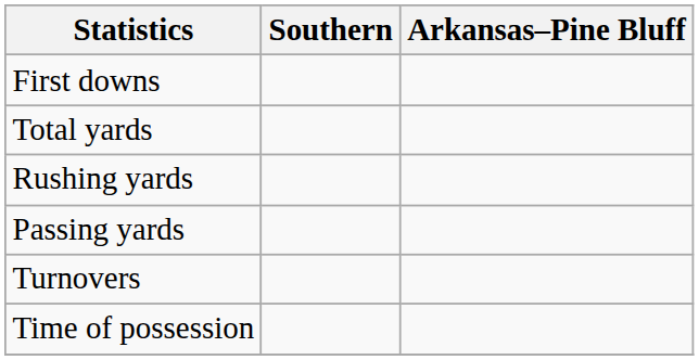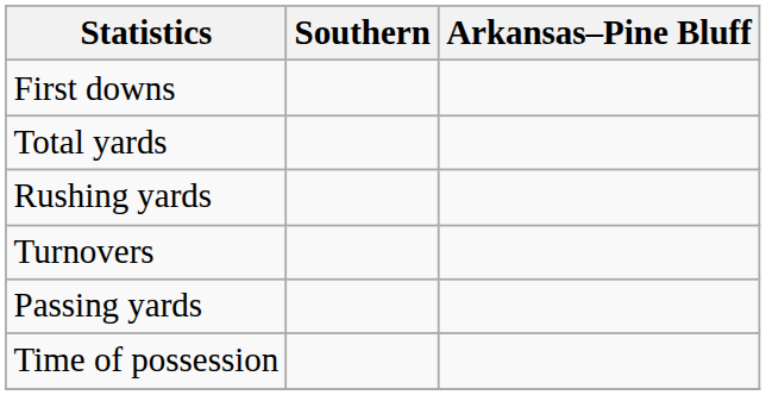 <table class="wikitable">
 <tr>
 <th>Statistics</th>
 <th>Southern</th>
 <th>Arkansas–Pine Bluff</th>
 </tr>
 <tr>
 <td>First downs</td>
 <td> </td>
 <td> </td>
 </tr>
 <tr>
 <td>Total yards</td>
 <td> </td>
 <td> </td>
 </tr>
 <tr>
 <td>Rushing yards</td>
 <td> </td>
 <td> </td>
 </tr>
 <tr>
-<td>Passing yards</td>
+<td>Turnovers</td>
 <td> </td>
 <td> </td>
 </tr>
 <tr>
-<td>Turnovers</td>
+<td>Passing yards</td>
 <td> </td>
 <td> </td>
 </tr>
 <tr>
 <td>Time of possession</td>
 <td> </td>
 <td> </td>
 </tr>
 <tr>
 </tr>
 </table>
